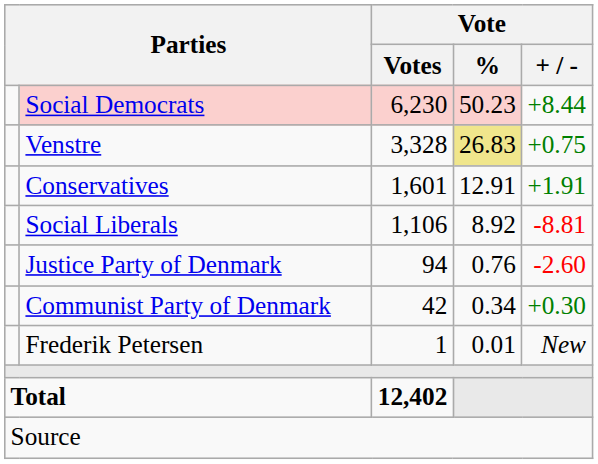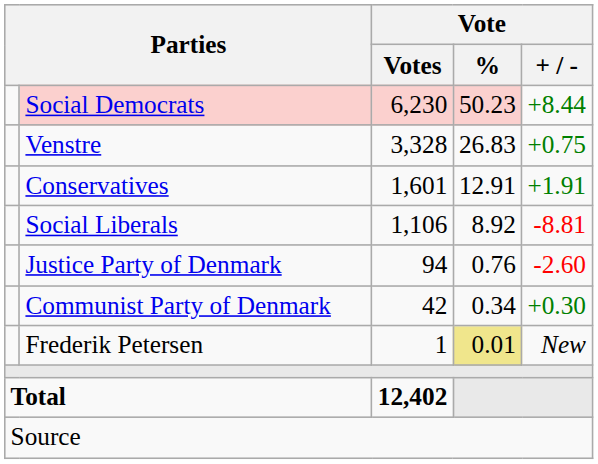 <table class="wikitable" style="text-align:right;">
 <tr>
 <th style="text-align:centre;" rowspan="2" colspan="2" width="225">Parties</th>
 <th colspan="3">Vote</th>
 </tr>
 <tr>
 <th width="15">Votes</th>
 <th width="15">%</th>
 <th width="15">+ / -</th>
 </tr>
 <tr>
 <td width="2" style="color:inherit;background:"></td>
 <td bgcolor=#fbd0ce  align="left"><a href='#'>Social Democrats</a></td>
 <td bgcolor=#fbd0ce>6,230</td>
 <td bgcolor=#fbd0ce>50.23</td>
 <td style=color:green;>+8.44</td>
 </tr>
 <tr>
 <td width="2" style="color:inherit;background:"></td>
 <td align="left"><a href='#'>Venstre</a></td>
 <td>3,328</td>
-<td style="background: khaki;">26.83</td>
+<td>26.83</td>
 <td style=color:green;>+0.75</td>
 </tr>
 <tr>
 <td width="2" style="color:inherit;background:"></td>
 <td align="left"><a href='#'>Conservatives</a></td>
 <td>1,601</td>
 <td>12.91</td>
 <td style=color:green;>+1.91</td>
 </tr>
 <tr>
 <td width="2" style="color:inherit;background:"></td>
 <td align="left"><a href='#'>Social Liberals</a></td>
 <td>1,106</td>
 <td>8.92</td>
 <td style=color:red;>-8.81</td>
 </tr>
 <tr>
 <td width="2" style="color:inherit;background:"></td>
 <td align="left"><a href='#'>Justice Party of Denmark</a></td>
 <td>94</td>
 <td>0.76</td>
 <td style=color:red;>-2.60</td>
 </tr>
 <tr>
 <td width="2" style="color:inherit;background:"></td>
 <td align="left"><a href='#'>Communist Party of Denmark</a></td>
 <td>42</td>
 <td>0.34</td>
 <td style=color:green;>+0.30</td>
 </tr>
 <tr>
 <td width="2" style="color:inherit;background:"></td>
 <td align="left">Frederik Petersen</td>
 <td>1</td>
-<td>0.01</td>
+<td style="background: khaki;">0.01</td>
 <td><em>New</em></td>
 </tr>
 <tr>
 <td colspan="7" bgcolor="#E9E9E9"></td>
 </tr>
 <tr>
 <td align="left" colspan="2"><strong>Total</strong></td>
 <td><strong>12,402</strong></td>
 <td bgcolor="#E9E9E9" colspan="2"></td>
 </tr>
 <tr>
 <td align="left" colspan="6">Source</td>
 </tr>
 </table>
